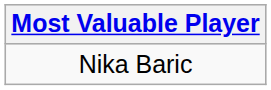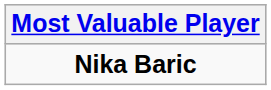 <table class=wikitable style="text-align:center; margin:auto">
 <tr>
 <th><a href='#'>Most Valuable Player</a></th>
 </tr>
 <tr>
-<td> Nika Baric</td>
+<td><strong> Nika Baric</strong></td>
 </tr>
 </table>
